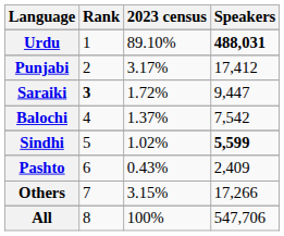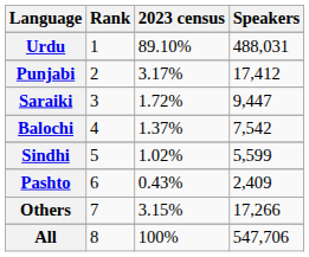 <table class="wikitable">
 <tr>
 <th>Language</th>
 <th>Rank</th>
 <th>2023 census</th>
 <th>Speakers</th>
 </tr>
 <tr>
 </tr>
 <tr>
 </tr>
 <tr>
 </tr>
 <tr>
 </tr>
 <tr>
 </tr>
 <tr>
 </tr>
 <tr>
 </tr>
 <tr>
 </tr>
 <tr>
 <th><a href='#'>Urdu</a></th>
 <td>1</td>
 <td>89.10%</td>
-<td><strong>488,031</strong></td>
+<td>488,031</td>
 </tr>
 <tr>
 </tr>
 <tr>
 </tr>
 <tr>
 </tr>
 <tr>
 </tr>
 <tr>
 </tr>
 <tr>
 </tr>
 <tr>
 <th><a href='#'>Punjabi</a></th>
 <td>2</td>
 <td>3.17%</td>
 <td>17,412</td>
 </tr>
 <tr>
 </tr>
 <tr>
 </tr>
 <tr>
 </tr>
 <tr>
 </tr>
 <tr>
 </tr>
 <tr>
 </tr>
 <tr>
 <th><a href='#'>Saraiki</a></th>
-<td><strong>3</strong></td>
+<td>3</td>
 <td>1.72%</td>
 <td>9,447</td>
 </tr>
 <tr>
 </tr>
 <tr>
 </tr>
 <tr>
 </tr>
 <tr>
 </tr>
 <tr>
 </tr>
 <tr>
 </tr>
 <tr>
 <th><a href='#'>Balochi</a></th>
 <td>4</td>
 <td>1.37%</td>
 <td>7,542</td>
 </tr>
 <tr>
 </tr>
 <tr>
 </tr>
 <tr>
 </tr>
 <tr>
 </tr>
 <tr>
 </tr>
 <tr>
 </tr>
 <tr>
 <th><a href='#'>Sindhi</a></th>
 <td>5</td>
 <td>1.02%</td>
-<td><strong>5,599</strong></td>
+<td>5,599</td>
 </tr>
 <tr>
 </tr>
 <tr>
 </tr>
 <tr>
 </tr>
 <tr>
 </tr>
 <tr>
 </tr>
 <tr>
 </tr>
 <tr>
 <th><a href='#'>Pashto</a></th>
 <td>6</td>
 <td>0.43%</td>
 <td>2,409</td>
 </tr>
 <tr>
 </tr>
 <tr>
 </tr>
 <tr>
 </tr>
 <tr>
 </tr>
 <tr>
 </tr>
 <tr>
 </tr>
 <tr>
 <th>Others</th>
 <td>7</td>
 <td>3.15%</td>
 <td>17,266</td>
 </tr>
 <tr>
 </tr>
 <tr>
 </tr>
 <tr>
 </tr>
 <tr>
 </tr>
 <tr>
 </tr>
 <tr>
 </tr>
 <tr>
 <th>All</th>
 <td>8</td>
 <td>100%</td>
 <td>547,706</td>
 </tr>
 </table>
